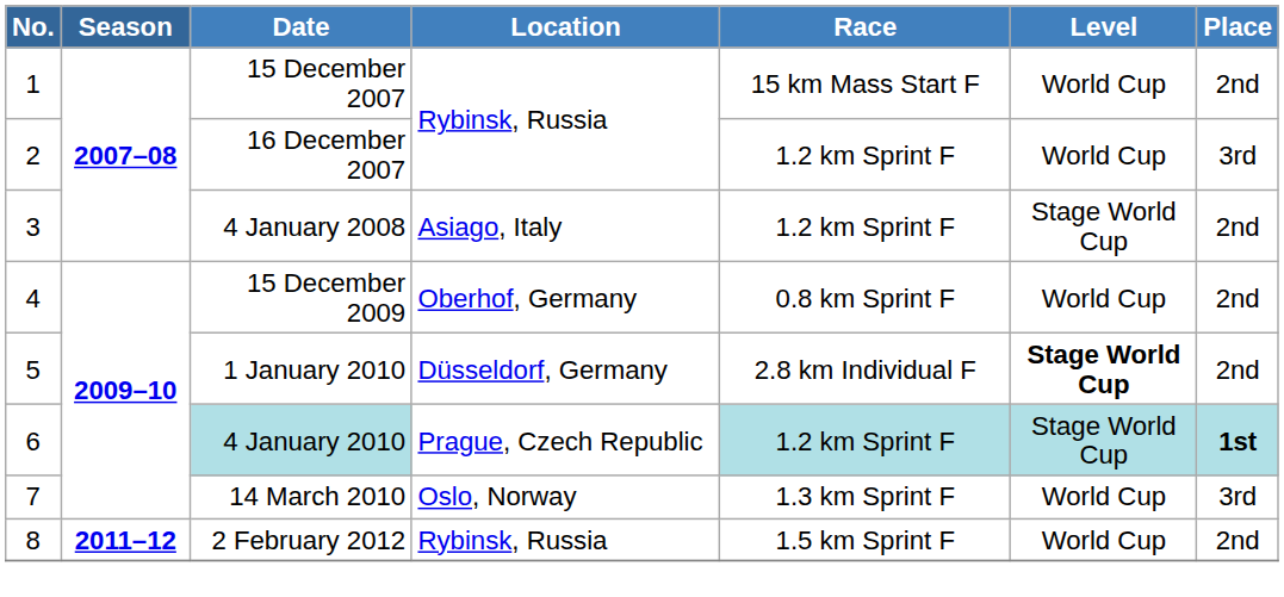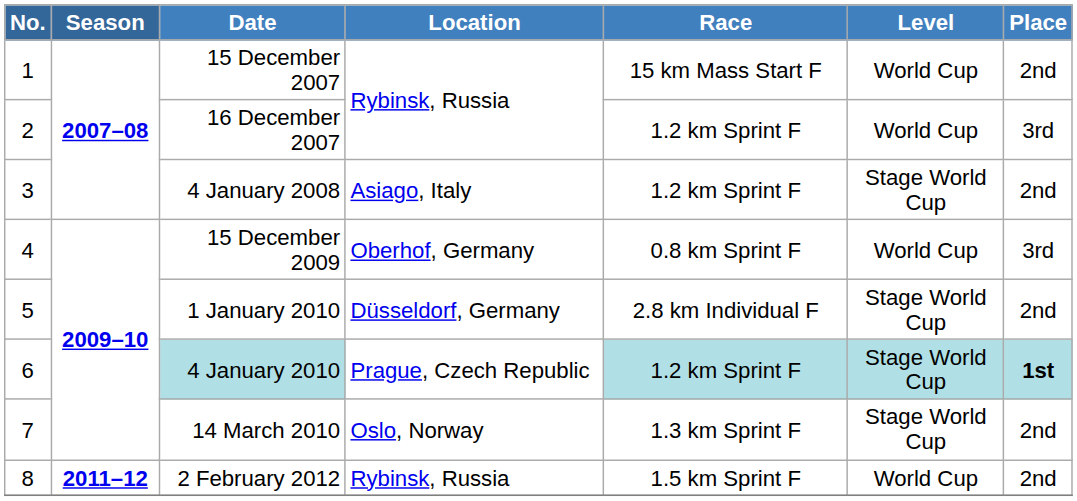 <table class="wikitable sortable" style="font-size:95%; text-align:center; border:grey solid 1px; border-collapse:collapse; background:#ffffff;">
 <tr style="background:#efefef;">
 <th style="background-color:#369; color:white;">No.</th>
 <th style="background-color:#369; color:white;">Season</th>
 <th style="background-color:#4180be; color:white; width:120px;">Date</th>
 <th style="background-color:#4180be; color:white; width:170px;">Location</th>
 <th style="background-color:#4180be; color:white; width:160px;">Race</th>
 <th style="background-color:#4180be; color:white; width:100px;">Level</th>
 <th style="background-color:#4180be; color:white;">Place</th>
 </tr>
 <tr>
 <td align=center>1</td>
 <td rowspan=3 align=center><strong> <a href='#'>2007–08</a> </strong></td>
 <td align=right>15 December 2007</td>
 <td rowspan=2 align=left> <a href='#'>Rybinsk</a>, Russia</td>
 <td>15 km Mass Start F</td>
 <td>World Cup</td>
 <td>2nd</td>
 </tr>
 <tr>
 <td align=center>2</td>
 <td align=right>16 December 2007</td>
 <td>1.2 km Sprint F</td>
 <td>World Cup</td>
 <td>3rd</td>
 </tr>
 <tr>
 <td align=center>3</td>
 <td align=right>4 January 2008</td>
 <td align=left> <a href='#'>Asiago</a>, Italy</td>
 <td>1.2 km Sprint F</td>
 <td>Stage World Cup</td>
 <td>2nd</td>
 </tr>
 <tr>
 <td align=center>4</td>
 <td rowspan=4 align=center><strong> <a href='#'>2009–10</a> </strong></td>
 <td align=right>15 December 2009</td>
 <td align=left> <a href='#'>Oberhof</a>, Germany</td>
 <td>0.8 km Sprint F</td>
 <td>World Cup</td>
-<td>2nd</td>
+<td>3rd</td>
 </tr>
 <tr>
 <td align=center>5</td>
 <td align=right>1 January 2010</td>
 <td align=left> <a href='#'>Düsseldorf</a>, Germany</td>
 <td>2.8 km Individual F</td>
-<td><strong>Stage World Cup</strong></td>
+<td>Stage World Cup</td>
 <td>2nd</td>
 </tr>
 <tr>
 <td align=center>6</td>
 <td bgcolor="#BOEOE6" align=right>4 January 2010</td>
 <td align=left> <a href='#'>Prague</a>, Czech Republic</td>
 <td bgcolor="#BOEOE6">1.2 km Sprint F</td>
 <td bgcolor="#BOEOE6">Stage World Cup</td>
 <td bgcolor="#BOEOE6"><strong>1st</strong></td>
 </tr>
 <tr>
 <td align=center>7</td>
 <td align=right>14 March 2010</td>
 <td align=left> <a href='#'>Oslo</a>, Norway</td>
 <td>1.3 km Sprint F</td>
-<td>World Cup</td>
-<td>3rd</td>
+<td>Stage World Cup</td>
+<td>2nd</td>
 </tr>
 <tr>
 <td align=center>8</td>
 <td rowspan=1 align=center><strong> <a href='#'>2011–12</a> </strong></td>
 <td align=right>2 February 2012</td>
 <td align=left> <a href='#'>Rybinsk</a>, Russia</td>
 <td>1.5 km Sprint F</td>
 <td>World Cup</td>
 <td>2nd</td>
 </tr>
 <tr>
 </tr>
 </table>
